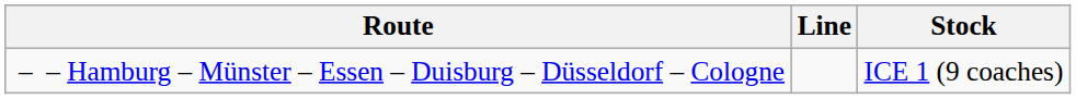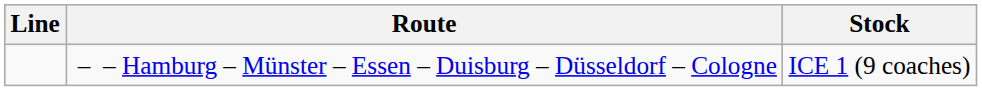 <table class="wikitable">
 <tr>
+<th>Line</th>
 <th>Route</th>
-<th>Line</th>
 <th>Stock</th>
 </tr>
 <tr>
+<td></td>
 <td> –  – <a href='#'>Hamburg</a> – <a href='#'>Münster</a> – <a href='#'>Essen</a> – <a href='#'>Duisburg</a> – <a href='#'>Düsseldorf</a> – <a href='#'>Cologne</a></td>
-<td></td>
 <td><a href='#'>ICE 1</a> (9 coaches)</td>
 </tr>
 </table>
